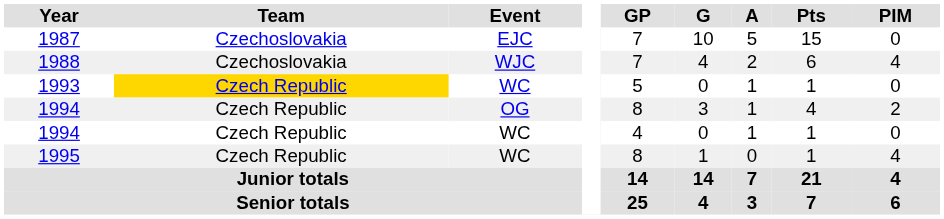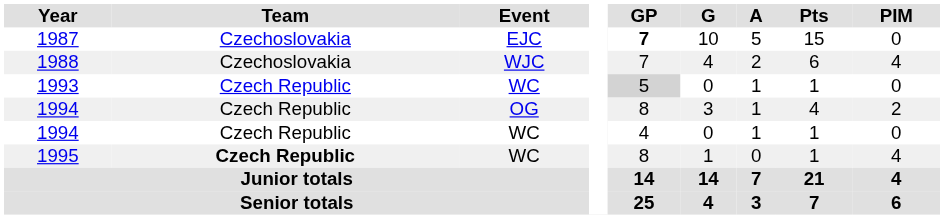 <table border="0" cellpadding="1" cellspacing="0" style="text-align:center; width:50em">
 <tr ALIGN="center" bgcolor="#e0e0e0">
 <th>Year</th>
 <th>Team</th>
 <th>Event</th>
 <th rowspan="99" bgcolor="#ffffff"> </th>
 <th>GP</th>
 <th>G</th>
 <th>A</th>
 <th>Pts</th>
 <th>PIM</th>
 </tr>
 <tr>
 <td><a href='#'>1987</a></td>
 <td><a href='#'>Czechoslovakia</a></td>
 <td><a href='#'>EJC</a></td>
-<td>7</td>
+<td><strong>7</strong></td>
 <td>10</td>
 <td>5</td>
 <td>15</td>
 <td>0</td>
 </tr>
 <tr bgcolor="#f0f0f0">
 <td><a href='#'>1988</a></td>
 <td>Czechoslovakia</td>
 <td><a href='#'>WJC</a></td>
 <td>7</td>
 <td>4</td>
 <td>2</td>
 <td>6</td>
 <td>4</td>
 </tr>
 <tr>
 <td><a href='#'>1993</a></td>
-<td style="background: gold;"><a href='#'>Czech Republic</a></td>
+<td><a href='#'>Czech Republic</a></td>
 <td><a href='#'>WC</a></td>
-<td>5</td>
+<td style="background: lightgrey;">5</td>
 <td>0</td>
 <td>1</td>
 <td>1</td>
 <td>0</td>
 </tr>
 <tr bgcolor="#f0f0f0">
 <td><a href='#'>1994</a></td>
 <td>Czech Republic</td>
 <td><a href='#'>OG</a></td>
 <td>8</td>
 <td>3</td>
 <td>1</td>
 <td>4</td>
 <td>2</td>
 </tr>
 <tr>
 <td><a href='#'>1994</a></td>
 <td>Czech Republic</td>
 <td>WC</td>
 <td>4</td>
 <td>0</td>
 <td>1</td>
 <td>1</td>
 <td>0</td>
 </tr>
 <tr bgcolor="#f0f0f0">
 <td><a href='#'>1995</a></td>
-<td>Czech Republic</td>
+<td><strong>Czech Republic</strong></td>
 <td>WC</td>
 <td>8</td>
 <td>1</td>
 <td>0</td>
 <td>1</td>
 <td>4</td>
 </tr>
 <tr bgcolor="#e0e0e0">
 <th colspan=3>Junior totals</th>
 <th>14</th>
 <th>14</th>
 <th>7</th>
 <th>21</th>
 <th>4</th>
 </tr>
 <tr bgcolor="#e0e0e0">
 <th colspan=3>Senior totals</th>
 <th>25</th>
 <th>4</th>
 <th>3</th>
 <th>7</th>
 <th>6</th>
 </tr>
 </table>
